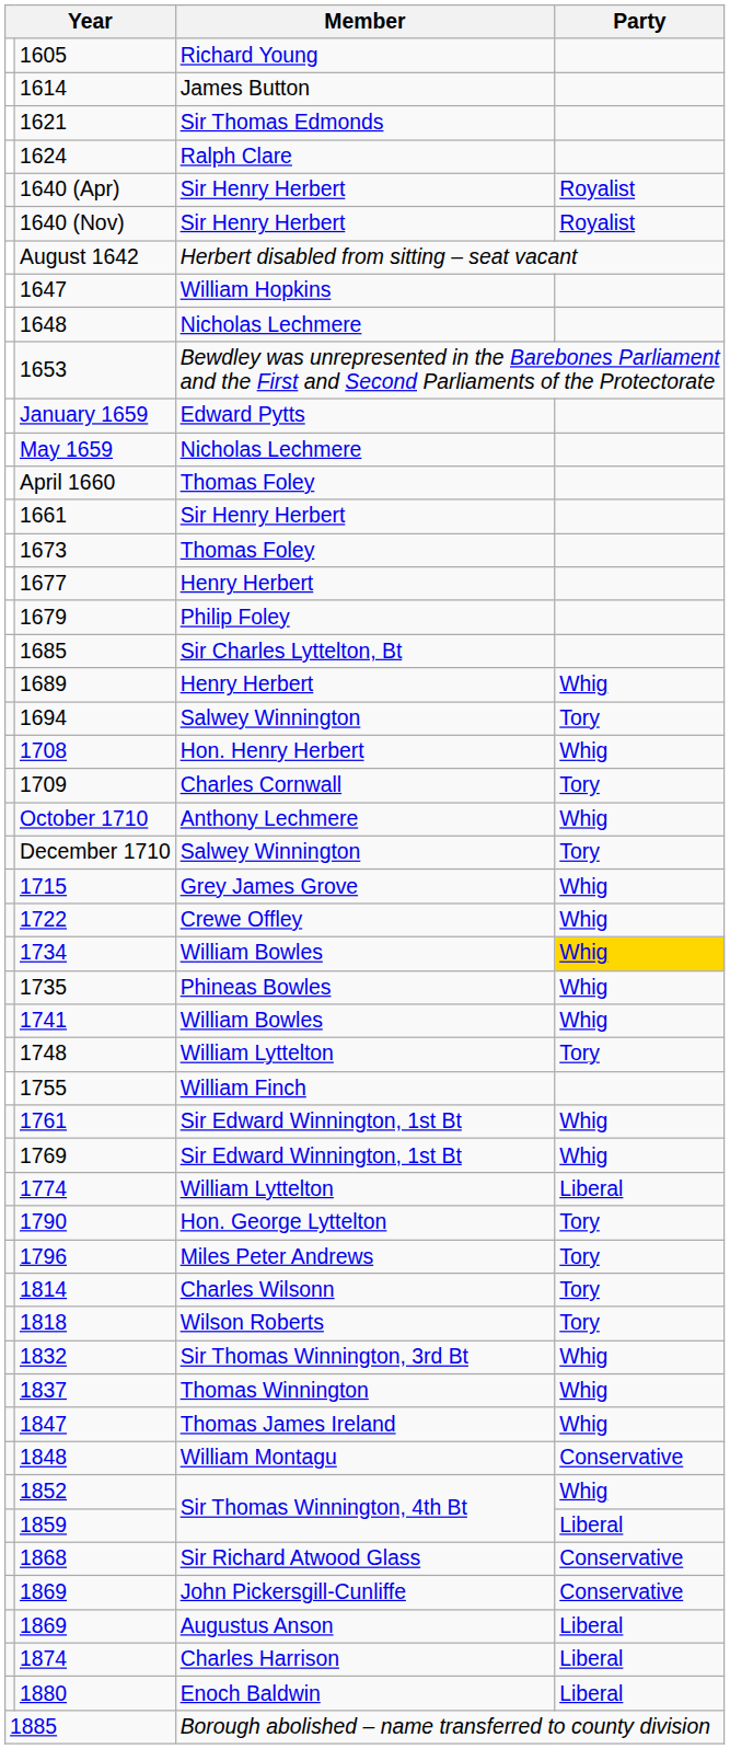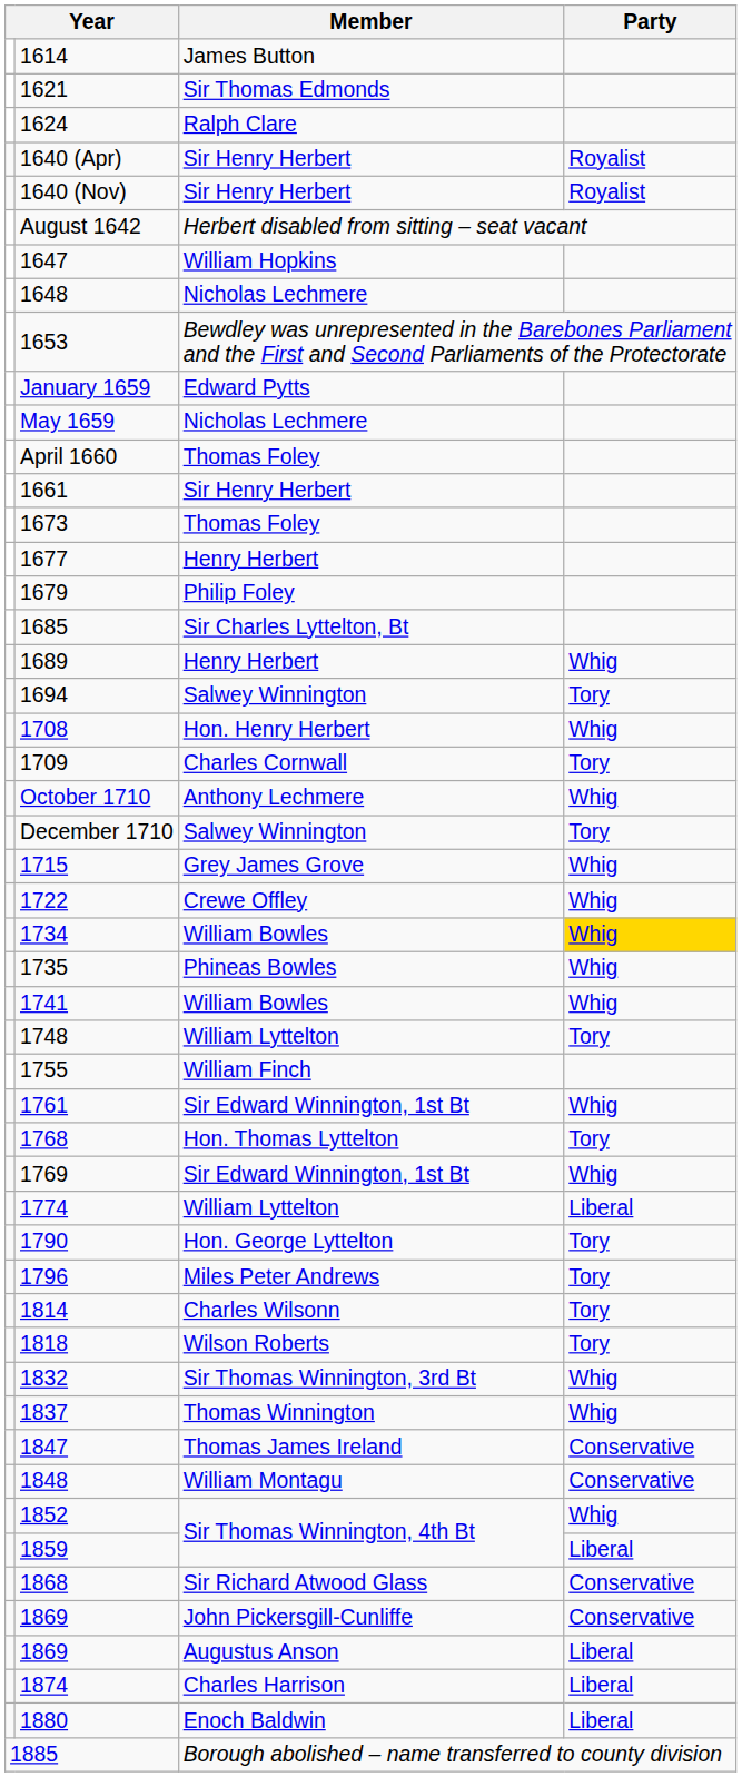 <table class="wikitable">
 <tr>
 <th colspan="2">Year</th>
 <th>Member</th>
 <th>Party</th>
-</tr>
-<tr>
-<td style="color:inherit;background-color: white"></td>
-<td>1605</td>
-<td><a href='#'>Richard Young</a></td>
-<td></td>
 </tr>
 <tr>
 <td style="color:inherit;background-color: white"></td>
 <td>1614</td>
 <td>James Button</td>
 <td></td>
 </tr>
 <tr>
 <td style="color:inherit;background-color: white"></td>
 <td>1621</td>
 <td><a href='#'>Sir Thomas Edmonds</a></td>
 <td> </td>
 </tr>
 <tr>
 <td style="color:inherit;background-color: white"></td>
 <td>1624</td>
 <td><a href='#'>Ralph Clare</a></td>
 <td></td>
 </tr>
 <tr>
 <td style="color:inherit;background-color: "></td>
 <td>1640 (Apr)</td>
 <td><a href='#'>Sir Henry Herbert</a></td>
 <td><a href='#'>Royalist</a></td>
 </tr>
 <tr>
 <td style="color:inherit;background-color: "></td>
 <td>1640 (Nov)</td>
 <td><a href='#'>Sir Henry Herbert</a></td>
 <td><a href='#'>Royalist</a></td>
 </tr>
 <tr>
 <td style="color:inherit;background-color: white"></td>
 <td>August 1642</td>
 <td colspan="2"><em>Herbert disabled from sitting – seat vacant</em></td>
 </tr>
 <tr>
 <td style="color:inherit;background-color: white"></td>
 <td>1647</td>
 <td><a href='#'>William Hopkins</a></td>
 <td></td>
 </tr>
 <tr>
 <td style="color:inherit;background-color: white"></td>
 <td>1648</td>
 <td><a href='#'>Nicholas Lechmere</a></td>
 <td></td>
 </tr>
 <tr>
 <td style="color:inherit;background-color: white"></td>
 <td>1653</td>
 <td colspan="2"><em>Bewdley was unrepresented in the <a href='#'>Barebones Parliament</a><br>and the <a href='#'>First</a> and <a href='#'>Second</a> Parliaments of the Protectorate</em></td>
 </tr>
 <tr>
 <td style="color:inherit;background-color: white"></td>
 <td><a href='#'>January 1659</a></td>
 <td><a href='#'>Edward Pytts</a></td>
 <td></td>
 </tr>
 <tr>
 <td style="color:inherit;background-color: white"></td>
 <td><a href='#'>May 1659</a></td>
 <td><a href='#'>Nicholas Lechmere</a></td>
 <td></td>
 </tr>
 <tr>
 <td style="color:inherit;background-color: white"></td>
 <td>April 1660</td>
 <td><a href='#'>Thomas Foley</a></td>
 <td></td>
 </tr>
 <tr>
 <td style="color:inherit;background-color: white"></td>
 <td>1661</td>
 <td><a href='#'>Sir Henry Herbert</a></td>
 <td></td>
 </tr>
 <tr>
 <td style="color:inherit;background-color: white"></td>
 <td>1673</td>
 <td><a href='#'>Thomas Foley</a></td>
 <td></td>
 </tr>
 <tr>
 <td style="color:inherit;background-color: white"></td>
 <td>1677</td>
 <td><a href='#'>Henry Herbert</a></td>
 <td></td>
 </tr>
 <tr>
 <td style="color:inherit;background-color: white"></td>
 <td>1679</td>
 <td><a href='#'>Philip Foley</a></td>
 <td></td>
 </tr>
 <tr>
 <td style="color:inherit;background-color: white"></td>
 <td>1685</td>
 <td><a href='#'>Sir Charles Lyttelton, Bt</a></td>
 <td></td>
 </tr>
 <tr>
 <td style="color:inherit;background-color: "></td>
 <td>1689</td>
 <td><a href='#'>Henry Herbert</a></td>
 <td><a href='#'>Whig</a></td>
 </tr>
 <tr>
 <td style="color:inherit;background-color: "></td>
 <td>1694</td>
 <td><a href='#'>Salwey Winnington</a></td>
 <td><a href='#'>Tory</a></td>
 </tr>
 <tr>
 <td style="color:inherit;background-color: "></td>
 <td><a href='#'>1708</a></td>
 <td><a href='#'>Hon. Henry Herbert</a></td>
 <td><a href='#'>Whig</a></td>
 </tr>
 <tr>
 <td style="color:inherit;background-color: "></td>
 <td>1709</td>
 <td><a href='#'>Charles Cornwall</a></td>
 <td><a href='#'>Tory</a></td>
 </tr>
 <tr>
 <td style="color:inherit;background-color: "></td>
 <td><a href='#'>October 1710</a></td>
 <td><a href='#'>Anthony Lechmere</a></td>
 <td><a href='#'>Whig</a></td>
 </tr>
 <tr>
 <td style="color:inherit;background-color: "></td>
 <td>December 1710</td>
 <td><a href='#'>Salwey Winnington</a></td>
 <td><a href='#'>Tory</a></td>
 </tr>
 <tr>
 <td style="color:inherit;background-color: "></td>
 <td><a href='#'>1715</a></td>
 <td><a href='#'>Grey James Grove</a></td>
 <td><a href='#'>Whig</a></td>
 </tr>
 <tr>
 <td style="color:inherit;background-color: "></td>
 <td><a href='#'>1722</a></td>
 <td><a href='#'>Crewe Offley</a></td>
 <td><a href='#'>Whig</a></td>
 </tr>
 <tr>
 <td style="color:inherit;background-color: "></td>
 <td><a href='#'>1734</a></td>
 <td><a href='#'>William Bowles</a></td>
 <td style="background: gold;"><a href='#'>Whig</a></td>
 </tr>
 <tr>
 <td style="color:inherit;background-color: "></td>
 <td>1735</td>
 <td><a href='#'>Phineas Bowles</a></td>
 <td><a href='#'>Whig</a></td>
 </tr>
 <tr>
 <td style="color:inherit;background-color: "></td>
 <td><a href='#'>1741</a></td>
 <td><a href='#'>William Bowles</a></td>
 <td><a href='#'>Whig</a></td>
 </tr>
 <tr>
 <td style="color:inherit;background-color: "></td>
 <td>1748</td>
 <td><a href='#'>William Lyttelton</a></td>
 <td><a href='#'>Tory</a></td>
 </tr>
 <tr>
 <td style="color:inherit;background-color: white"></td>
 <td>1755</td>
 <td><a href='#'>William Finch</a></td>
 <td></td>
 </tr>
 <tr>
 <td style="color:inherit;background-color: "></td>
 <td><a href='#'>1761</a></td>
 <td><a href='#'>Sir Edward Winnington, 1st Bt</a></td>
 <td><a href='#'>Whig</a></td>
 </tr>
 <tr>
 <td style="color:inherit;background-color: "></td>
+<td><a href='#'>1768</a></td>
+<td><a href='#'>Hon. Thomas Lyttelton</a></td>
+<td><a href='#'>Tory</a></td>
+</tr>
+<tr>
+<td style="color:inherit;background-color: "></td>
 <td>1769</td>
 <td><a href='#'>Sir Edward Winnington, 1st Bt</a></td>
 <td><a href='#'>Whig</a></td>
 </tr>
 <tr>
 <td style="color:inherit;background-color: "></td>
 <td><a href='#'>1774</a></td>
 <td><a href='#'>William Lyttelton</a></td>
 <td><a href='#'>Liberal</a></td>
 </tr>
 <tr>
 <td style="color:inherit;background-color: "></td>
 <td><a href='#'>1790</a></td>
 <td><a href='#'>Hon. George Lyttelton</a></td>
 <td><a href='#'>Tory</a></td>
 </tr>
 <tr>
 <td style="color:inherit;background-color: "></td>
 <td><a href='#'>1796</a></td>
 <td><a href='#'>Miles Peter Andrews</a></td>
 <td><a href='#'>Tory</a></td>
 </tr>
 <tr>
 <td style="color:inherit;background-color: "></td>
 <td><a href='#'>1814</a></td>
 <td><a href='#'>Charles Wilsonn</a></td>
 <td><a href='#'>Tory</a></td>
 </tr>
 <tr>
 <td style="color:inherit;background-color: "></td>
 <td><a href='#'>1818</a></td>
 <td><a href='#'>Wilson Roberts</a></td>
 <td><a href='#'>Tory</a></td>
 </tr>
 <tr>
 <td style="color:inherit;background-color: "></td>
 <td><a href='#'>1832</a></td>
 <td><a href='#'>Sir Thomas Winnington, 3rd Bt</a></td>
 <td><a href='#'>Whig</a></td>
 </tr>
 <tr>
 <td style="color:inherit;background-color: "></td>
 <td><a href='#'>1837</a></td>
 <td><a href='#'>Thomas Winnington</a></td>
 <td><a href='#'>Whig</a></td>
 </tr>
 <tr>
 <td style="color:inherit;background-color: "></td>
 <td><a href='#'>1847</a></td>
 <td><a href='#'>Thomas James Ireland</a></td>
-<td><a href='#'>Whig</a></td>
+<td><a href='#'>Conservative</a></td>
 </tr>
 <tr>
 <td style="color:inherit;background-color: "></td>
 <td><a href='#'>1848</a></td>
 <td><a href='#'>William Montagu</a></td>
 <td><a href='#'>Conservative</a></td>
 </tr>
 <tr>
 <td style="color:inherit;background-color: "></td>
 <td><a href='#'>1852</a></td>
 <td rowspan=2><a href='#'>Sir Thomas Winnington, 4th Bt</a></td>
 <td><a href='#'>Whig</a></td>
 </tr>
 <tr>
 <td style="color:inherit;background-color: "></td>
 <td><a href='#'>1859</a></td>
 <td><a href='#'>Liberal</a></td>
 </tr>
 <tr>
 <td style="color:inherit;background-color: "></td>
 <td><a href='#'>1868</a></td>
 <td><a href='#'>Sir Richard Atwood Glass</a></td>
 <td><a href='#'>Conservative</a></td>
 </tr>
 <tr>
 <td style="color:inherit;background-color: "></td>
 <td><a href='#'>1869</a></td>
 <td><a href='#'>John Pickersgill-Cunliffe</a></td>
 <td><a href='#'>Conservative</a></td>
 </tr>
 <tr>
 <td style="color:inherit;background-color: "></td>
 <td><a href='#'>1869</a></td>
 <td><a href='#'>Augustus Anson</a></td>
 <td><a href='#'>Liberal</a></td>
 </tr>
 <tr>
 <td style="color:inherit;background-color: "></td>
 <td><a href='#'>1874</a></td>
 <td><a href='#'>Charles Harrison</a></td>
 <td><a href='#'>Liberal</a></td>
 </tr>
 <tr>
 <td style="color:inherit;background-color: "></td>
 <td><a href='#'>1880</a></td>
 <td><a href='#'>Enoch Baldwin</a></td>
 <td><a href='#'>Liberal</a></td>
 </tr>
 <tr>
 <td colspan="2"><a href='#'>1885</a></td>
 <td colspan="2"><em>Borough abolished – name transferred to county division</em></td>
 </tr>
 </table>
